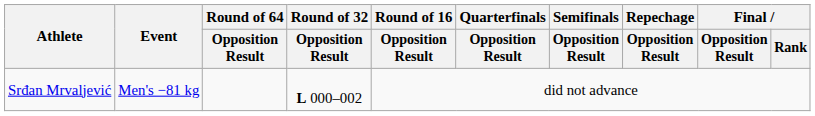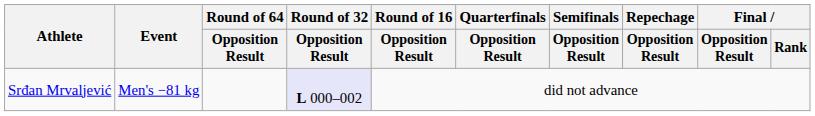 <table class="wikitable" style="font-size:90%">
 <tr>
 <th rowspan="2">Athlete</th>
 <th rowspan="2">Event</th>
 <th>Round of 64</th>
 <th>Round of 32</th>
 <th>Round of 16</th>
 <th>Quarterfinals</th>
 <th>Semifinals</th>
 <th>Repechage</th>
 <th colspan=2>Final / </th>
 </tr>
 <tr style="font-size:95%">
 <th>Opposition<br>Result</th>
 <th>Opposition<br>Result</th>
 <th>Opposition<br>Result</th>
 <th>Opposition<br>Result</th>
 <th>Opposition<br>Result</th>
 <th>Opposition<br>Result</th>
 <th>Opposition<br>Result</th>
 <th>Rank</th>
 </tr>
 <tr align=center>
 <td align=left><a href='#'>Srđan Mrvaljević</a></td>
 <td align=left><a href='#'>Men's −81 kg</a></td>
 <td></td>
-<td><br><strong>L</strong> 000–002</td>
+<td style="background: lavender;"><br><strong>L</strong> 000–002</td>
 <td colspan=6>did not advance</td>
 </tr>
 </table>
